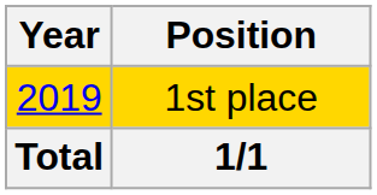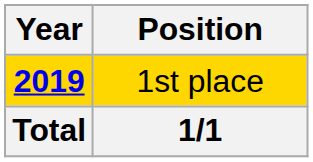 <table class="wikitable" style="text-align: center;">
 <tr>
 <th>Year</th>
 <th width="100">Position</th>
 </tr>
 <tr bgcolor=gold>
-<td> <a href='#'>2019</a></td>
+<td><strong> <a href='#'>2019</a></strong></td>
 <td>1st place</td>
 </tr>
 <tr>
 <th>Total</th>
 <th>1/1</th>
 </tr>
 </table>
